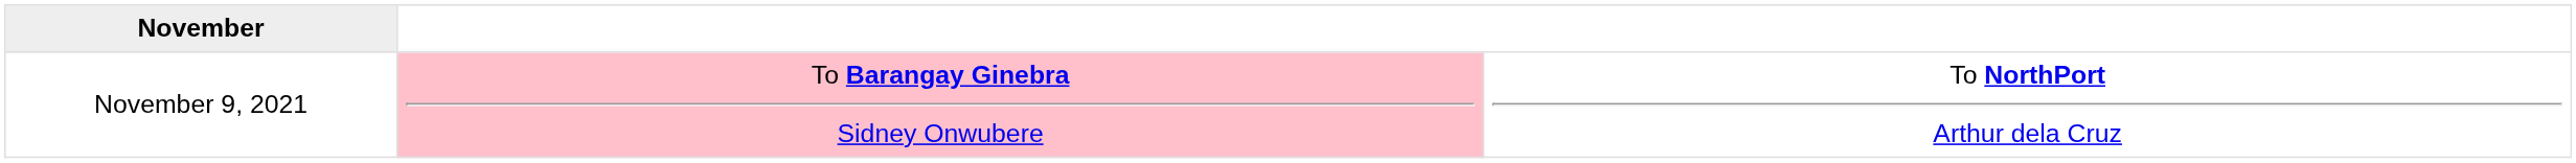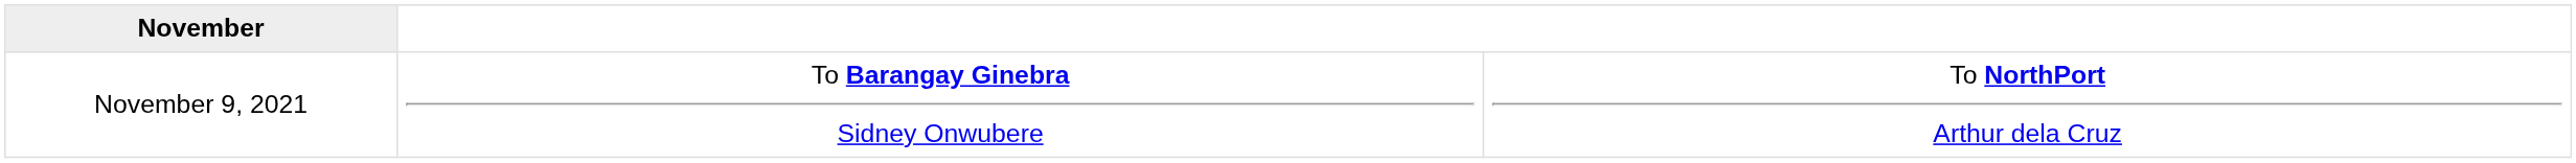 <table border=1 style="border-collapse:collapse; text-align: center; width: 100%" bordercolor="#DFDFDF"  cellpadding="5">
 <tr bgcolor="eeeeee">
 <th>November</th>
 </tr>
 <tr>
 <td style="width:12%">November 9, 2021</td>
-<td style="background: pink; width:33.3%" valign="top">To <strong><a href='#'>Barangay Ginebra</a></strong><hr><a href='#'>Sidney Onwubere</a></td>
+<td style="width:33.3%" valign="top">To <strong><a href='#'>Barangay Ginebra</a></strong><hr><a href='#'>Sidney Onwubere</a></td>
 <td style="width:33.3%" valign="top">To <strong><a href='#'>NorthPort</a></strong><hr><a href='#'>Arthur dela Cruz</a></td>
 </tr>
 </table>
